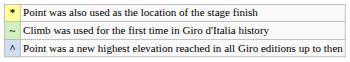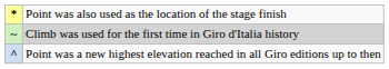 <table class="wikitable plainrowheaders">
 <tr>
 <th scope="row" style="text-align:center; background:#FFFF99;">*</th>
 <td>Point was also used as the location of the stage finish</td>
 </tr>
 <tr>
 <th scope="row" style="text-align:center; background:#D0F0C0;">~</th>
-<td>Climb was used for the first time in Giro d'Italia history</td>
+<td style="background: lightgrey;">Climb was used for the first time in Giro d'Italia history</td>
 </tr>
 <tr>
 <th scope="row" style="text-align:center; width:1em; background:#CEDFF2;">^</th>
 <td>Point was a new highest elevation reached in all Giro editions up to then</td>
 </tr>
 </table>
